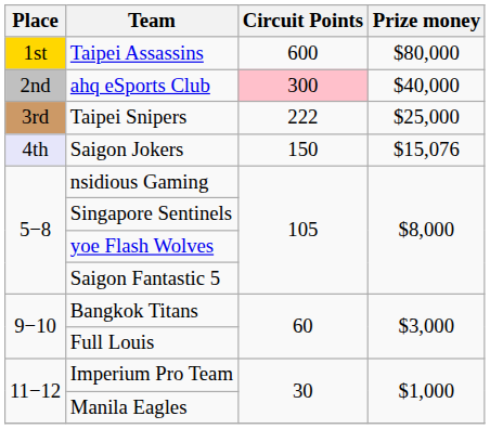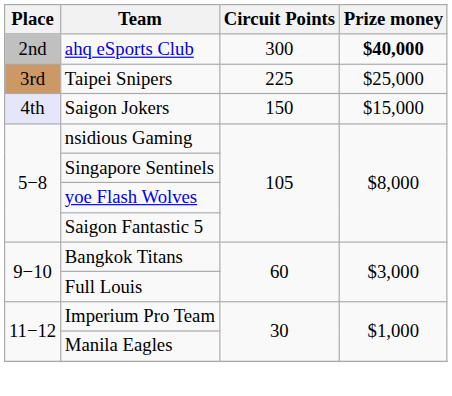 <table class="wikitable" style="text-align:left">
 <tr>
 <th style="text-align:center"><strong>Place</strong></th>
 <th style="text-align:center"><strong>Team</strong></th>
 <th style="text-align:center"><strong>Circuit Points</strong></th>
 <th style="text-align:center"><strong>Prize money</strong></th>
 </tr>
 <tr>
-<td style="text-align:center; background:gold;">1st</td>
-<td> <a href='#'>Taipei Assassins</a></td>
-<td style="text-align:center">600</td>
-<td style="text-align:center">$80,000</td>
-</tr>
-<tr>
 <td style="text-align:center; background:silver;">2nd</td>
 <td> <a href='#'>ahq eSports Club</a></td>
-<td style="background: pink; text-align:center">300</td>
-<td style="text-align:center">$40,000</td>
+<td style="text-align:center">300</td>
+<td style="text-align:center"><strong>$40,000</strong></td>
 </tr>
 <tr>
 <td style="text-align:center; background:#c96;">3rd</td>
 <td> Taipei Snipers</td>
-<td style="text-align:center">222</td>
+<td style="text-align:center">225</td>
 <td style="text-align:center">$25,000</td>
 </tr>
 <tr>
 <td style="background: lavender; text-align:center">4th</td>
 <td> Saigon Jokers</td>
 <td style="text-align:center">150</td>
-<td style="text-align:center">$15,076</td>
+<td style="text-align:center">$15,000</td>
 </tr>
 <tr>
 <td style="text-align:center" rowspan="4">5−8</td>
 <td> nsidious Gaming</td>
 <td style="text-align:center" rowspan="4">105</td>
 <td style="text-align:center" rowspan="4">$8,000</td>
 </tr>
 <tr>
 <td> ⁠Singapore Sentinels</td>
 </tr>
 <tr>
 <td> <a href='#'>yoe Flash Wolves</a></td>
 </tr>
 <tr>
 <td> Saigon Fantastic 5</td>
 </tr>
 <tr>
 <td style="text-align:center" rowspan="2">9−10</td>
 <td> Bangkok Titans</td>
 <td style="text-align:center" rowspan="2">60</td>
 <td style="text-align:center" rowspan="2">$3,000</td>
 </tr>
 <tr>
 <td> Full Louis</td>
 </tr>
 <tr>
 <td style="text-align:center" rowspan="2">11−12</td>
 <td> Imperium Pro Team</td>
 <td style="text-align:center" rowspan="2">30</td>
 <td style="text-align:center" rowspan="2">$1,000</td>
 </tr>
 <tr>
 <td> Manila Eagles</td>
 </tr>
 <tr>
 </tr>
 </table>
